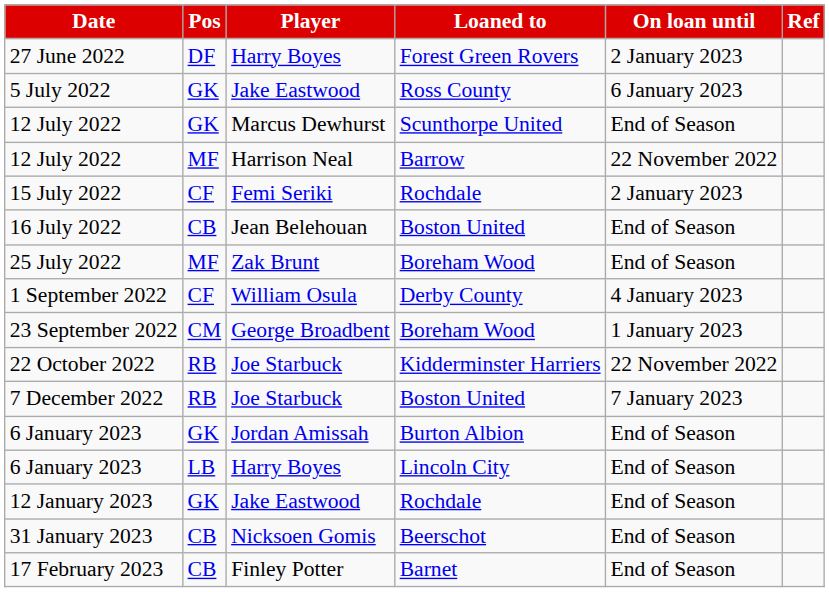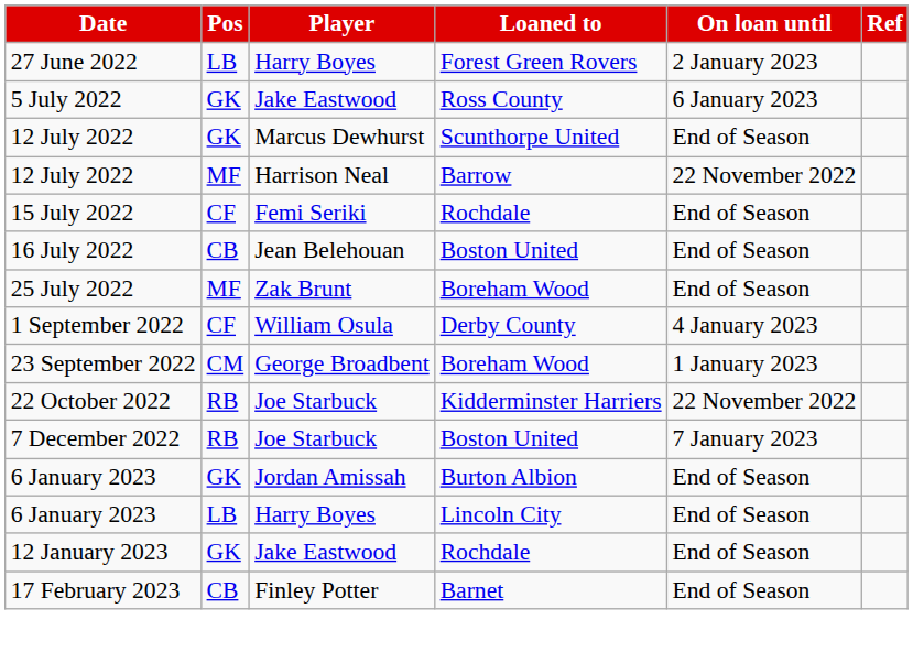 <table class="wikitable plainrowheaders sortable">
 <tr>
 <th style="background:#DD0000; color:#FFFFFF; ">Date</th>
 <th style="background:#DD0000; color:#FFFFFF; ">Pos</th>
 <th style="background:#DD0000; color:#FFFFFF; ">Player</th>
 <th style="background:#DD0000; color:#FFFFFF; ">Loaned to</th>
 <th style="background:#DD0000; color:#FFFFFF; ">On loan until</th>
 <th style="background:#DD0000; color:#FFFFFF; ">Ref</th>
 </tr>
 <tr>
 <td>27 June 2022</td>
-<td><a href='#'>DF</a></td>
+<td><a href='#'>LB</a></td>
 <td> <a href='#'>Harry Boyes</a></td>
 <td> <a href='#'>Forest Green Rovers</a></td>
 <td>2 January 2023</td>
 <td></td>
 </tr>
 <tr>
 <td>5 July 2022</td>
 <td><a href='#'>GK</a></td>
 <td> <a href='#'>Jake Eastwood</a></td>
 <td> <a href='#'>Ross County</a></td>
 <td>6 January 2023</td>
 <td></td>
 </tr>
 <tr>
 <td>12 July 2022</td>
 <td><a href='#'>GK</a></td>
 <td> Marcus Dewhurst</td>
 <td> <a href='#'>Scunthorpe United</a></td>
 <td>End of Season</td>
 <td></td>
 </tr>
 <tr>
 <td>12 July 2022</td>
 <td><a href='#'>MF</a></td>
 <td> Harrison Neal</td>
 <td> <a href='#'>Barrow</a></td>
 <td>22 November 2022</td>
 <td></td>
 </tr>
 <tr>
 <td>15 July 2022</td>
 <td><a href='#'>CF</a></td>
 <td> <a href='#'>Femi Seriki</a></td>
 <td> <a href='#'>Rochdale</a></td>
-<td>2 January 2023</td>
+<td>End of Season</td>
 <td></td>
 </tr>
 <tr>
 <td>16 July 2022</td>
 <td><a href='#'>CB</a></td>
 <td> Jean Belehouan</td>
 <td> <a href='#'>Boston United</a></td>
 <td>End of Season</td>
 <td></td>
 </tr>
 <tr>
 <td>25 July 2022</td>
 <td><a href='#'>MF</a></td>
 <td> <a href='#'>Zak Brunt</a></td>
 <td> <a href='#'>Boreham Wood</a></td>
 <td>End of Season</td>
 <td></td>
 </tr>
 <tr>
 <td>1 September 2022</td>
 <td><a href='#'>CF</a></td>
 <td> <a href='#'>William Osula</a></td>
 <td> <a href='#'>Derby County</a></td>
 <td>4 January 2023</td>
 <td></td>
 </tr>
 <tr>
 <td>23 September 2022</td>
 <td><a href='#'>CM</a></td>
 <td> <a href='#'>George Broadbent</a></td>
 <td> <a href='#'>Boreham Wood</a></td>
 <td>1 January 2023</td>
 <td></td>
 </tr>
 <tr>
 <td>22 October 2022</td>
 <td><a href='#'>RB</a></td>
 <td> <a href='#'>Joe Starbuck</a></td>
 <td> <a href='#'>Kidderminster Harriers</a></td>
 <td>22 November 2022</td>
 <td></td>
 </tr>
 <tr>
 <td>7 December 2022</td>
 <td><a href='#'>RB</a></td>
 <td> <a href='#'>Joe Starbuck</a></td>
 <td> <a href='#'>Boston United</a></td>
 <td>7 January 2023</td>
 <td></td>
 </tr>
 <tr>
 <td>6 January 2023</td>
 <td><a href='#'>GK</a></td>
 <td> <a href='#'>Jordan Amissah</a></td>
 <td> <a href='#'>Burton Albion</a></td>
 <td>End of Season</td>
 <td></td>
 </tr>
 <tr>
 <td>6 January 2023</td>
 <td><a href='#'>LB</a></td>
 <td> <a href='#'>Harry Boyes</a></td>
 <td> <a href='#'>Lincoln City</a></td>
 <td>End of Season</td>
 <td></td>
 </tr>
 <tr>
 <td>12 January 2023</td>
 <td><a href='#'>GK</a></td>
 <td> <a href='#'>Jake Eastwood</a></td>
 <td> <a href='#'>Rochdale</a></td>
 <td>End of Season</td>
 <td></td>
 </tr>
 <tr>
-<td>31 January 2023</td>
-<td><a href='#'>CB</a></td>
-<td> <a href='#'>Nicksoen Gomis</a></td>
-<td> <a href='#'>Beerschot</a></td>
-<td>End of Season</td>
-<td></td>
-</tr>
-<tr>
 <td>17 February 2023</td>
 <td><a href='#'>CB</a></td>
 <td> Finley Potter</td>
 <td> <a href='#'>Barnet</a></td>
 <td>End of Season</td>
 <td></td>
 </tr>
 </table>
